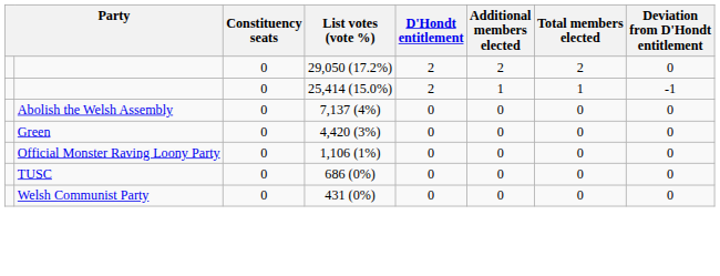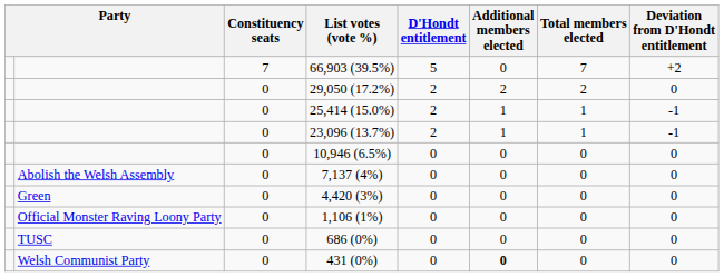 <table class="wikitable" style="text-align:center">
 <tr>
 <th colspan="2" rowspan="1" align="center" valign="top">Party</th>
 <th>Constituency<br>seats</th>
 <th>List votes<br>(vote %)</th>
 <th><a href='#'>D'Hondt<br>entitlement</a></th>
 <th>Additional<br>members<br>elected</th>
 <th>Total members<br>elected</th>
 <th>Deviation<br>from D'Hondt<br>entitlement</th>
+</tr>
+<tr>
+<td style="width: 4px" bgcolor=></td>
+<td style="text-align: left;" scope="row"><a href='#'></a></td>
+<td>7</td>
+<td>66,903 (39.5%)</td>
+<td>5</td>
+<td>0</td>
+<td>7</td>
+<td>+2</td>
 </tr>
 <tr>
 <td style="width: 4px" bgcolor=></td>
 <td style="text-align: left;" scope="row"><a href='#'></a></td>
 <td>0</td>
 <td>29,050 (17.2%)</td>
 <td>2</td>
 <td>2</td>
 <td>2</td>
 <td>0</td>
 </tr>
 <tr>
 <td style="width: 4px"></td>
 <td style="text-align: left;" scope="row"><a href='#'></a></td>
 <td>0</td>
 <td>25,414 (15.0%)</td>
 <td>2</td>
 <td>1</td>
 <td>1</td>
 <td>-1</td>
+</tr>
+<tr>
+<td style="width: 4px"></td>
+<td style="text-align: left;" scope="row"><a href='#'></a></td>
+<td>0</td>
+<td>23,096 (13.7%)</td>
+<td>2</td>
+<td>1</td>
+<td>1</td>
+<td>-1</td>
+</tr>
+<tr>
+<td style="width: 4px"></td>
+<td style="text-align: left;" scope="row"><a href='#'></a></td>
+<td>0</td>
+<td>10,946 (6.5%)</td>
+<td>0</td>
+<td>0</td>
+<td>0</td>
+<td>0</td>
 </tr>
 <tr>
 <td style="width: 4px" bgcolor=></td>
 <td style="text-align: left;" scope="row"><a href='#'>Abolish the Welsh Assembly</a></td>
 <td>0</td>
 <td>7,137 (4%)</td>
 <td>0</td>
 <td>0</td>
 <td>0</td>
 <td>0</td>
 </tr>
 <tr>
 <td style="width: 4px" bgcolor=></td>
 <td style="text-align: left;" scope="row"><a href='#'>Green</a></td>
 <td>0</td>
 <td>4,420 (3%)</td>
 <td>0</td>
 <td>0</td>
 <td>0</td>
 <td>0</td>
 </tr>
 <tr>
 <td style="width: 4px" bgcolor=></td>
 <td style="text-align: left;" scope="row"><a href='#'>Official Monster Raving Loony Party</a></td>
 <td>0</td>
 <td>1,106 (1%)</td>
 <td>0</td>
 <td>0</td>
 <td>0</td>
 <td>0</td>
 </tr>
 <tr>
 <td style="width: 4px" bgcolor=></td>
 <td style="text-align: left;" scope="row"><a href='#'>TUSC</a></td>
 <td>0</td>
 <td>686 (0%)</td>
 <td>0</td>
 <td>0</td>
 <td>0</td>
 <td>0</td>
 </tr>
 <tr>
 <td style="width: 4px" bgcolor=></td>
 <td style="text-align: left;" scope="row"><a href='#'>Welsh Communist Party</a></td>
 <td>0</td>
 <td>431 (0%)</td>
 <td>0</td>
-<td>0</td>
+<td><strong>0</strong></td>
 <td>0</td>
 <td>0</td>
 </tr>
 </table>
